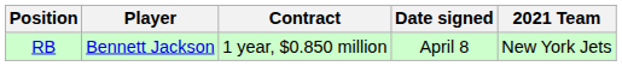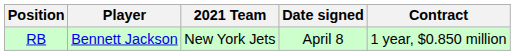 <table class="wikitable" style="text-align:center">
 <tr>
 <th>Position</th>
 <th>Player</th>
+<th>2021 Team</th>
+<th>Date signed</th>
 <th>Contract</th>
-<th>Date signed</th>
-<th>2021 Team</th>
 </tr>
 <tr style="background:#cfc;">
 <td><a href='#'>RB</a></td>
 <td><a href='#'>Bennett Jackson</a></td>
+<td>New York Jets</td>
+<td>April 8</td>
 <td>1 year, $0.850 million</td>
-<td>April 8</td>
-<td>New York Jets</td>
 </tr>
 </table>
